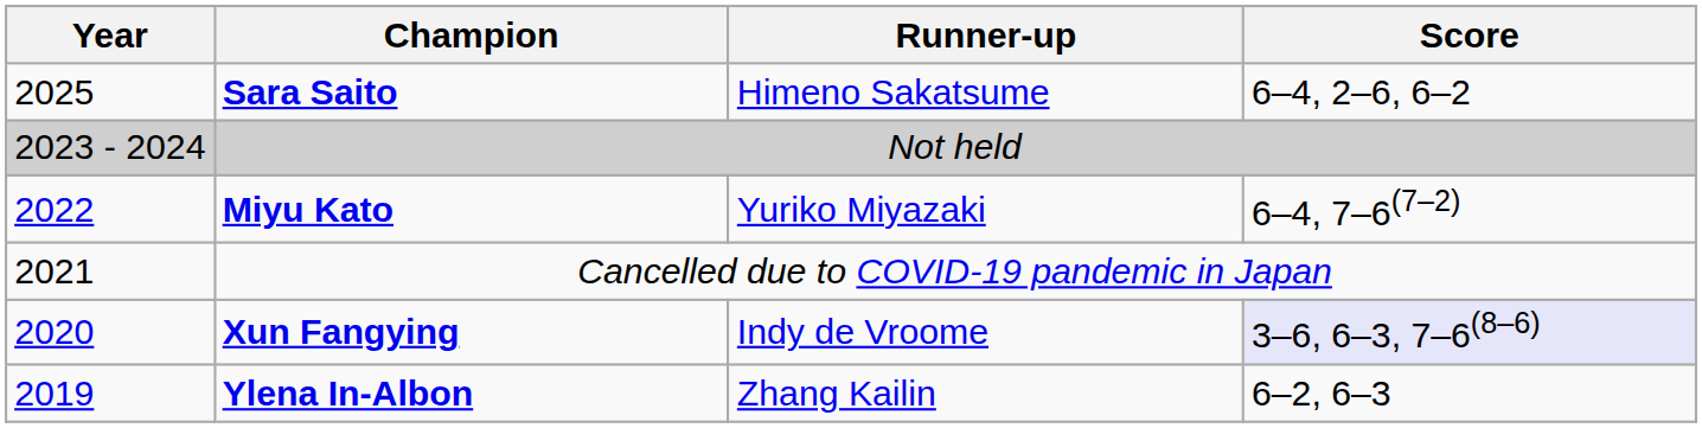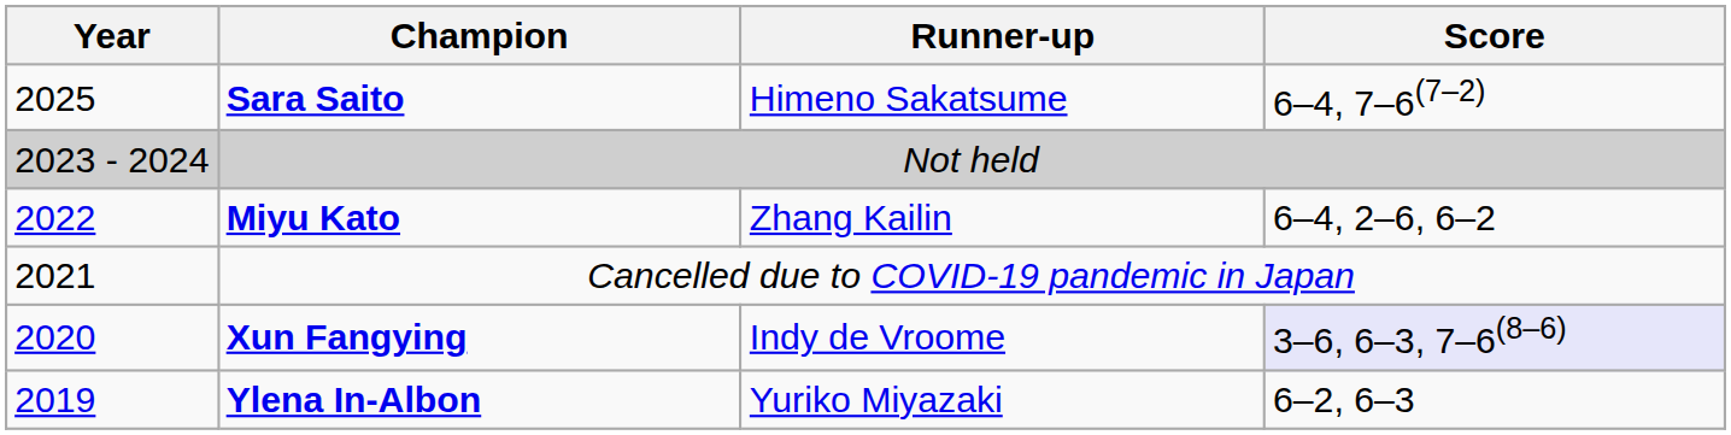 <table class="wikitable" style="font-size:90%">
 <tr>
 <th>Year</th>
 <th width="200">Champion</th>
 <th width="200">Runner-up</th>
 <th width="175">Score</th>
 </tr>
 <tr>
 <td>2025</td>
 <td><strong> <a href='#'>Sara Saito</a></strong></td>
 <td> <a href='#'>Himeno Sakatsume</a></td>
-<td>6–4, 2–6, 6–2</td>
+<td>6–4, 7–6<sup>(7–2)</sup></td>
 </tr>
 <tr>
 <td style="background:#cfcfcf">2023 - 2024</td>
 <td colspan=4 align=center style="background:#cfcfcf"><em>Not held</em></td>
 </tr>
 <tr>
 <td><a href='#'>2022</a></td>
 <td> <strong><a href='#'>Miyu Kato</a></strong></td>
-<td> <a href='#'>Yuriko Miyazaki</a></td>
-<td>6–4, 7–6<sup>(7–2)</sup></td>
+<td> <a href='#'>Zhang Kailin</a></td>
+<td>6–4, 2–6, 6–2</td>
 </tr>
 <tr>
 <td>2021</td>
 <td colspan="3" align="center"><em>Cancelled due to <a href='#'>COVID-19 pandemic in Japan</a></em> </td>
 </tr>
 <tr>
 <td><a href='#'>2020</a></td>
 <td> <strong><a href='#'>Xun Fangying</a></strong></td>
 <td> <a href='#'>Indy de Vroome</a></td>
 <td style="background: lavender;">3–6, 6–3, 7–6<sup>(8–6)</sup></td>
 </tr>
 <tr>
 <td><a href='#'>2019</a></td>
 <td> <strong><a href='#'>Ylena In-Albon</a></strong></td>
-<td> <a href='#'>Zhang Kailin</a></td>
+<td> <a href='#'>Yuriko Miyazaki</a></td>
 <td>6–2, 6–3</td>
 </tr>
 </table>
